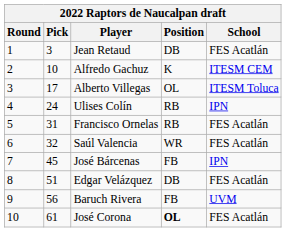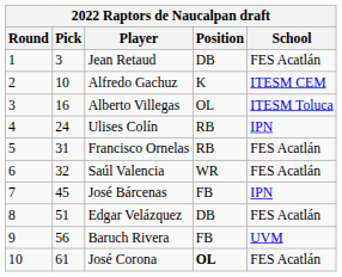 <table class="wikitable" style="text-align:left">
 <tr>
 <th colspan=5>2022 Raptors de Naucalpan draft</th>
 </tr>
 <tr>
 <th>Round</th>
 <th>Pick</th>
 <th>Player</th>
 <th>Position</th>
 <th>School</th>
 </tr>
 <tr>
 <td>1</td>
 <td>3</td>
 <td>Jean Retaud</td>
 <td>DB</td>
 <td>FES Acatlán</td>
 </tr>
 <tr>
 <td>2</td>
 <td>10</td>
 <td>Alfredo Gachuz</td>
 <td>K</td>
 <td><a href='#'>ITESM CEM</a></td>
 </tr>
 <tr>
 <td>3</td>
-<td>17</td>
+<td>16</td>
 <td>Alberto Villegas</td>
 <td>OL</td>
 <td><a href='#'>ITESM Toluca</a></td>
 </tr>
 <tr>
 <td>4</td>
 <td>24</td>
 <td>Ulises Colín</td>
 <td>RB</td>
 <td><a href='#'>IPN</a></td>
 </tr>
 <tr>
 <td>5</td>
 <td>31</td>
 <td>Francisco Ornelas</td>
 <td>RB</td>
 <td>FES Acatlán</td>
 </tr>
 <tr>
 <td>6</td>
 <td>32</td>
 <td>Saúl Valencia</td>
 <td>WR</td>
 <td>FES Acatlán</td>
 </tr>
 <tr>
 <td>7</td>
 <td>45</td>
 <td>José Bárcenas</td>
 <td>FB</td>
 <td><a href='#'>IPN</a></td>
 </tr>
 <tr>
 <td>8</td>
 <td>51</td>
 <td>Edgar Velázquez</td>
 <td>DB</td>
 <td>FES Acatlán</td>
 </tr>
 <tr>
 <td>9</td>
 <td>56</td>
 <td>Baruch Rivera</td>
 <td>FB</td>
 <td><a href='#'>UVM</a></td>
 </tr>
 <tr>
 <td>10</td>
 <td>61</td>
 <td>José Corona</td>
 <td><strong>OL</strong></td>
 <td>FES Acatlán</td>
 </tr>
 </table>
